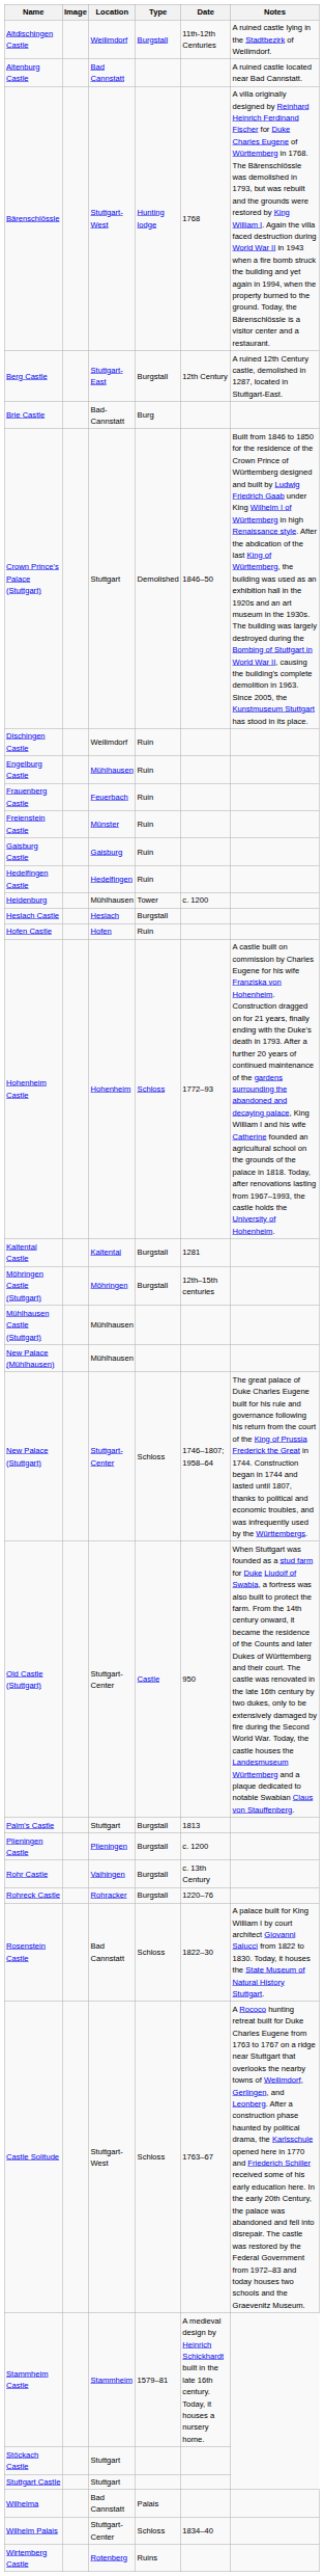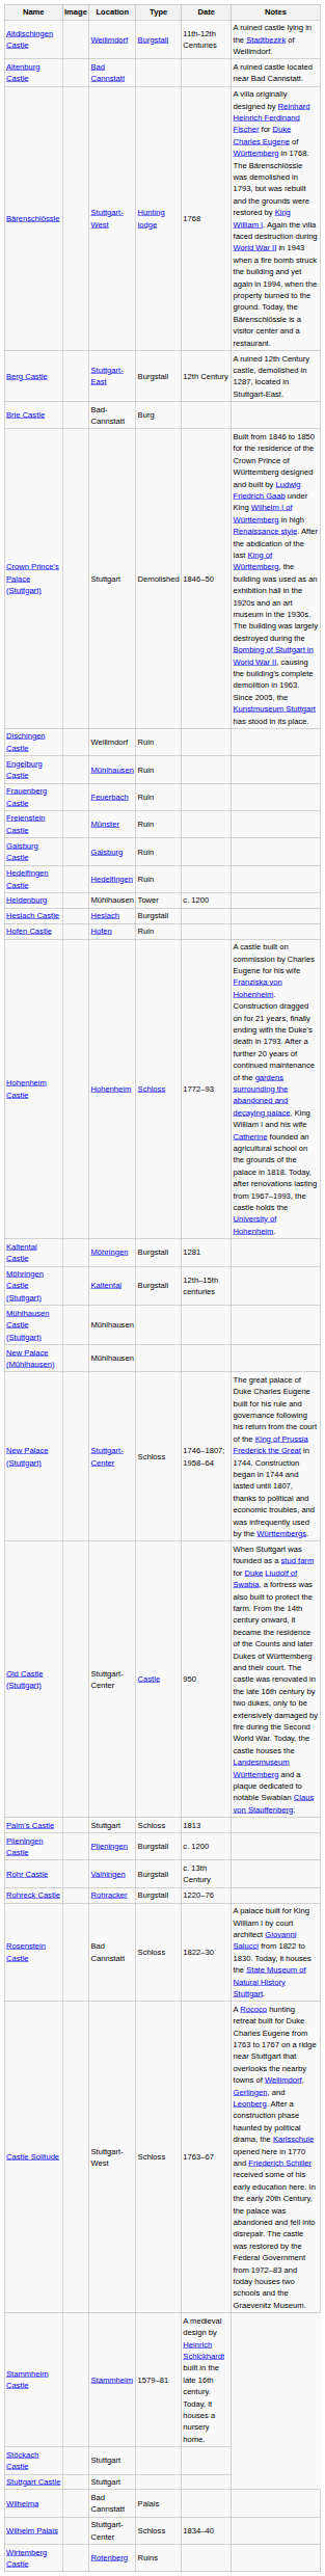 <table class="wikitable sortable" style="font-size:95%;border:0px;text-align:left;line-height:150%;">
 <tr>
 <th>Name</th>
 <th>Image</th>
 <th>Location</th>
 <th>Type</th>
 <th>Date</th>
 <th class="unsortable">Notes</th>
 </tr>
 <tr>
 <td><a href='#'>Altdischingen Castle</a></td>
 <td></td>
 <td><a href='#'>Weilimdorf</a> </td>
 <td><a href='#'>Burgstall</a></td>
 <td>11th-12th Centuries</td>
 <td>A ruined castle lying in the <a href='#'>Stadtbezirk</a> of Weilimdorf.</td>
 </tr>
 <tr>
 <td><a href='#'>Altenburg Castle</a></td>
 <td></td>
 <td><a href='#'>Bad Cannstatt</a></td>
 <td></td>
 <td></td>
 <td>A ruined castle located near Bad Cannstatt.</td>
 </tr>
 <tr>
 <td><a href='#'>Bärenschlössle</a></td>
 <td></td>
 <td><a href='#'>Stuttgart-West</a> </td>
 <td><a href='#'>Hunting lodge</a></td>
 <td>1768</td>
 <td>A villa originally designed by <a href='#'>Reinhard Heinrich Ferdinand Fischer</a> for <a href='#'>Duke</a> <a href='#'>Charles Eugene</a> of <a href='#'>Württemberg</a> in 1768. The Bärenschlössle was demolished in 1793, but was rebuilt and the grounds were restored by <a href='#'>King</a> <a href='#'>William I</a>. Again the villa faced destruction during <a href='#'>World War II</a> in 1943 when a fire bomb struck the building and yet again in 1994, when the property burned to the ground. Today, the Bärenschlössle is a visitor center and a restaurant.</td>
 </tr>
 <tr>
 <td><a href='#'>Berg Castle</a></td>
 <td></td>
 <td><a href='#'>Stuttgart-East</a> </td>
 <td>Burgstall</td>
 <td>12th Century</td>
 <td>A ruined 12th Century castle, demolished in 1287, located in Stuttgart-East.</td>
 </tr>
 <tr>
 <td><a href='#'>Brie Castle</a></td>
 <td></td>
 <td>Bad-Cannstatt</td>
 <td>Burg</td>
 <td></td>
 <td></td>
 </tr>
 <tr>
 <td><a href='#'>Crown Prince's Palace (Stuttgart)</a></td>
 <td></td>
 <td>Stuttgart </td>
 <td>Demolished</td>
 <td>1846–50</td>
 <td>Built from 1846 to 1850 for the residence of the Crown Prince of Württemberg designed and built by <a href='#'>Ludwig Friedrich Gaab</a> under King <a href='#'>Wilhelm I of Württemberg</a> in high <a href='#'>Renaissance style</a>. After the abdication of the last <a href='#'>King of Württemberg</a>, the building was used as an exhibition hall in the 1920s and an art museum in the 1930s. The building was largely destroyed during the <a href='#'>Bombing of Stuttgart in World War II</a>, causing the building's complete demolition in 1963. Since 2005, the <a href='#'>Kunstmuseum Stuttgart</a> has stood in its place.</td>
 </tr>
 <tr>
 <td><a href='#'>Dischingen Castle</a></td>
 <td></td>
 <td>Weilimdorf</td>
 <td>Ruin</td>
 <td></td>
 <td></td>
 </tr>
 <tr>
 <td><a href='#'>Engelburg Castle</a></td>
 <td></td>
 <td><a href='#'>Mühlhausen</a> </td>
 <td>Ruin</td>
 <td></td>
 <td></td>
 </tr>
 <tr>
 <td><a href='#'>Frauenberg Castle</a></td>
 <td></td>
 <td><a href='#'>Feuerbach</a> </td>
 <td>Ruin</td>
 <td></td>
 <td></td>
 </tr>
 <tr>
 <td><a href='#'>Freienstein Castle</a></td>
 <td></td>
 <td><a href='#'>Münster</a> </td>
 <td>Ruin</td>
 <td></td>
 <td></td>
 </tr>
 <tr>
 <td><a href='#'>Gaisburg Castle</a></td>
 <td></td>
 <td><a href='#'>Gaisburg</a></td>
 <td>Ruin</td>
 <td></td>
 <td></td>
 </tr>
 <tr>
 <td><a href='#'>Hedelfingen Castle</a></td>
 <td></td>
 <td><a href='#'>Hedelfingen</a> </td>
 <td>Ruin</td>
 <td></td>
 <td></td>
 </tr>
 <tr>
 <td><a href='#'>Heidenburg</a></td>
 <td></td>
 <td>Mühlhausen </td>
 <td>Tower</td>
 <td>c. 1200</td>
 <td></td>
 </tr>
 <tr>
 <td><a href='#'>Heslach Castle</a></td>
 <td></td>
 <td><a href='#'>Heslach</a> </td>
 <td>Burgstall</td>
 <td></td>
 <td></td>
 </tr>
 <tr>
 <td><a href='#'>Hofen Castle</a></td>
 <td></td>
 <td><a href='#'>Hofen</a> </td>
 <td>Ruin</td>
 <td></td>
 <td></td>
 </tr>
 <tr>
 <td><a href='#'>Hohenheim Castle</a></td>
 <td></td>
 <td><a href='#'>Hohenheim</a> </td>
 <td><a href='#'>Schloss</a></td>
 <td>1772–93</td>
 <td>A castle built on commission by Charles Eugene for his wife <a href='#'>Franziska von Hohenheim</a>. Construction dragged on for 21 years, finally ending with the Duke's death in 1793. After a further 20 years of continued maintenance of the <a href='#'>gardens surrounding the abandoned and decaying palace</a>, King William I and his wife <a href='#'>Catherine</a> founded an agricultural school on the grounds of the palace in 1818. Today, after renovations lasting from 1967–1993, the castle holds the <a href='#'>University of Hohenheim</a>.</td>
 </tr>
 <tr>
 <td><a href='#'>Kaltental Castle</a></td>
 <td></td>
-<td><a href='#'>Kaltental</a> </td>
+<td><a href='#'>Möhringen</a> </td>
 <td>Burgstall</td>
 <td>1281</td>
 <td></td>
 </tr>
 <tr>
 <td><a href='#'>Möhringen Castle (Stuttgart)</a></td>
 <td></td>
-<td><a href='#'>Möhringen</a> </td>
+<td><a href='#'>Kaltental</a> </td>
 <td>Burgstall</td>
 <td>12th–15th centuries</td>
 <td></td>
 </tr>
 <tr>
 <td><a href='#'>Mühlhausen Castle (Stuttgart)</a></td>
 <td></td>
 <td>Mühlhausen</td>
 <td></td>
 <td></td>
 <td></td>
 </tr>
 <tr>
 <td><a href='#'>New Palace (Mühlhausen)</a></td>
 <td></td>
 <td>Mühlhausen</td>
 <td></td>
 <td></td>
 <td></td>
 </tr>
 <tr>
 <td><a href='#'>New Palace (Stuttgart)</a></td>
 <td></td>
 <td><a href='#'>Stuttgart-Center</a> </td>
 <td>Schloss</td>
 <td>1746–1807; 1958–64</td>
 <td>The great palace of Duke Charles Eugene built for his rule and governance following his return from the court of the <a href='#'>King of Prussia</a> <a href='#'>Frederick the Great</a> in 1744. Construction began in 1744 and lasted until 1807, thanks to political and economic troubles, and was infrequently used by the <a href='#'>Württembergs</a>.</td>
 </tr>
 <tr>
 <td><a href='#'>Old Castle (Stuttgart)</a></td>
 <td></td>
 <td>Stuttgart-Center </td>
 <td><a href='#'>Castle</a></td>
 <td>950</td>
 <td>When Stuttgart was founded as a <a href='#'>stud farm</a> for <a href='#'>Duke</a> <a href='#'>Liudolf of Swabia</a>, a fortress was also built to protect the farm. From the 14th century onward, it became the residence of the Counts and later Dukes of Württemberg and their court. The castle was renovated in the late 16th century by two dukes, only to be extensively damaged by fire during the Second World War. Today, the castle houses the <a href='#'>Landesmuseum Württemberg</a> and a plaque dedicated to notable Swabian <a href='#'>Claus von Stauffenberg</a>.</td>
 </tr>
 <tr>
 <td><a href='#'>Palm's Castle</a></td>
 <td></td>
 <td>Stuttgart</td>
-<td>Burgstall</td>
+<td>Schloss</td>
 <td>1813</td>
 <td></td>
 </tr>
 <tr>
 <td><a href='#'>Plieningen Castle</a></td>
 <td></td>
 <td><a href='#'>Plieningen</a> </td>
 <td>Burgstall</td>
 <td>c. 1200</td>
 <td></td>
 </tr>
 <tr>
 <td><a href='#'>Rohr Castle</a></td>
 <td></td>
 <td><a href='#'>Vaihingen</a> </td>
 <td>Burgstall</td>
 <td>c. 13th Century</td>
 <td></td>
 </tr>
 <tr>
 <td><a href='#'>Rohreck Castle</a></td>
 <td></td>
 <td><a href='#'>Rohracker</a> </td>
 <td>Burgstall</td>
 <td>1220–76</td>
 <td></td>
 </tr>
 <tr>
 <td><a href='#'>Rosenstein Castle</a></td>
 <td></td>
 <td>Bad Cannstatt </td>
 <td>Schloss</td>
 <td>1822–30</td>
 <td>A palace built for King William I by court architect <a href='#'>Giovanni Salucci</a> from 1822 to 1830. Today, it houses the <a href='#'>State Museum of Natural History Stuttgart</a>.</td>
 </tr>
 <tr>
 <td><a href='#'>Castle Solitude</a></td>
 <td></td>
 <td>Stuttgart-West </td>
 <td>Schloss</td>
 <td>1763–67</td>
 <td>A <a href='#'>Rococo</a> hunting retreat built for Duke Charles Eugene from 1763 to 1767 on a ridge near Stuttgart that overlooks the nearby towns of <a href='#'>Weilimdorf</a>, <a href='#'>Gerlingen</a>, and <a href='#'>Leonberg</a>. After a construction phase haunted by political drama, the <a href='#'>Karlsschule</a> opened here in 1770 and <a href='#'>Friederich Schiller</a> received some of his early education here. In the early 20th Century, the palace was abandoned and fell into disrepair. The castle was restored by the Federal Government from 1972–83 and today houses two schools and the Graevenitz Museum.</td>
 </tr>
 <tr>
 <td><a href='#'>Stammheim Castle</a></td>
 <td></td>
 <td><a href='#'>Stammheim</a> </td>
 <td>1579–81</td>
 <td>A medieval design by <a href='#'>Heinrich Schickhardt</a> built in the late 16th century. Today, it houses a nursery home.</td>
 </tr>
 <tr>
 <td><a href='#'>Stöckach Castle</a></td>
 <td></td>
 <td>Stuttgart</td>
 <td></td>
 <td></td>
 </tr>
 <tr>
 <td><a href='#'>Stuttgart Castle</a></td>
 <td></td>
 <td>Stuttgart</td>
 <td></td>
 <td></td>
 </tr>
 <tr>
 <td><a href='#'>Wilhelma</a></td>
 <td></td>
 <td>Bad Cannstatt </td>
 <td>Palais</td>
 <td></td>
 <td></td>
 </tr>
 <tr>
 <td><a href='#'>Wilhelm Palais</a></td>
 <td></td>
 <td>Stuttgart-Center </td>
 <td>Schloss</td>
 <td>1834–40</td>
 <td></td>
 </tr>
 <tr>
 <td><a href='#'>Wirtemberg Castle</a></td>
 <td></td>
 <td><a href='#'>Rotenberg</a> </td>
 <td>Ruins</td>
 <td></td>
 <td></td>
 </tr>
 <tr>
 </tr>
 </table>
